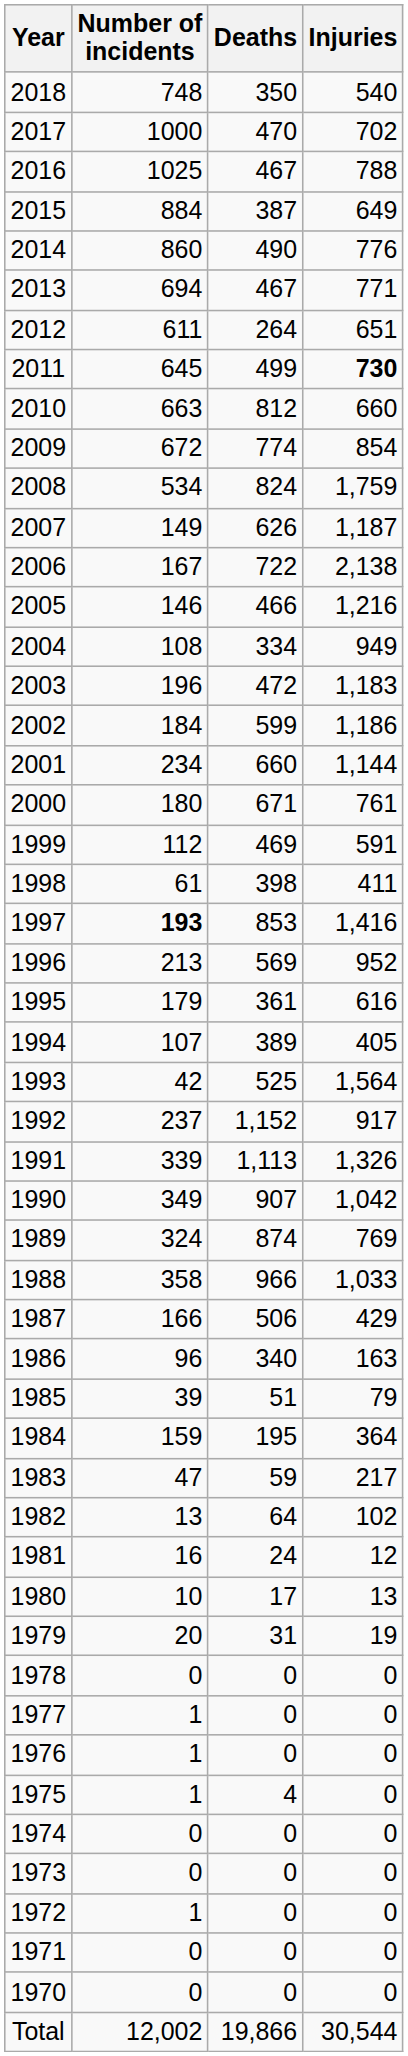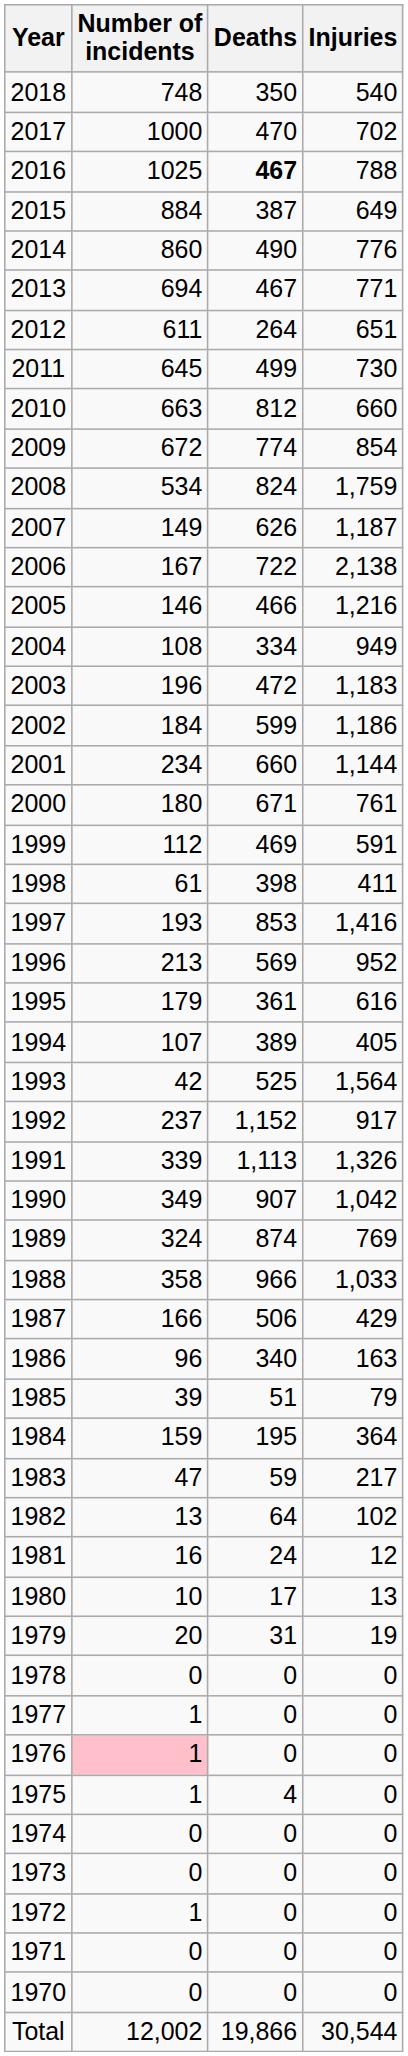 <table class="wikitable sortable collapsible floatleft" style="text-align:right">
 <tr>
 <th>Year</th>
 <th>Number of<br>incidents</th>
 <th>Deaths</th>
 <th>Injuries</th>
 </tr>
 <tr>
 <td align=center>2018</td>
 <td>748</td>
 <td>350</td>
 <td>540</td>
 </tr>
 <tr>
 <td align=center>2017</td>
 <td>1000</td>
 <td>470</td>
 <td>702</td>
 </tr>
 <tr>
 <td align=center>2016</td>
 <td>1025</td>
-<td>467</td>
+<td><strong>467</strong></td>
 <td>788</td>
 </tr>
 <tr>
 <td align=center>2015</td>
 <td>884</td>
 <td>387</td>
 <td>649</td>
 </tr>
 <tr>
 <td align=center>2014</td>
 <td>860</td>
 <td>490</td>
 <td>776</td>
 </tr>
 <tr>
 <td align=center>2013</td>
 <td>694</td>
 <td>467</td>
 <td>771</td>
 </tr>
 <tr>
 <td align=center>2012</td>
 <td>611</td>
 <td>264</td>
 <td>651</td>
 </tr>
 <tr>
 <td align=center>2011</td>
 <td>645</td>
 <td>499</td>
-<td><strong>730</strong></td>
+<td>730</td>
 </tr>
 <tr>
 <td align=center>2010</td>
 <td>663</td>
 <td>812</td>
 <td>660</td>
 </tr>
 <tr>
 <td align=center>2009</td>
 <td>672</td>
 <td>774</td>
 <td>854</td>
 </tr>
 <tr>
 <td align=center>2008</td>
 <td>534</td>
 <td>824</td>
 <td>1,759</td>
 </tr>
 <tr>
 <td align=center>2007</td>
 <td>149</td>
 <td>626</td>
 <td>1,187</td>
 </tr>
 <tr>
 <td align=center>2006</td>
 <td>167</td>
 <td>722</td>
 <td>2,138</td>
 </tr>
 <tr>
 <td align=center>2005</td>
 <td>146</td>
 <td>466</td>
 <td>1,216</td>
 </tr>
 <tr>
 <td align=center>2004</td>
 <td>108</td>
 <td>334</td>
 <td>949</td>
 </tr>
 <tr>
 <td align=center>2003</td>
 <td>196</td>
 <td>472</td>
 <td>1,183</td>
 </tr>
 <tr>
 <td align=center>2002</td>
 <td>184</td>
 <td>599</td>
 <td>1,186</td>
 </tr>
 <tr>
 <td align=center>2001</td>
 <td>234</td>
 <td>660</td>
 <td>1,144</td>
 </tr>
 <tr>
 <td align=center>2000</td>
 <td>180</td>
 <td>671</td>
 <td>761</td>
 </tr>
 <tr>
 <td align=center>1999</td>
 <td>112</td>
 <td>469</td>
 <td>591</td>
 </tr>
 <tr>
 <td align=center>1998</td>
 <td>61</td>
 <td>398</td>
 <td>411</td>
 </tr>
 <tr>
 <td align=center>1997</td>
-<td><strong>193</strong></td>
+<td>193</td>
 <td>853</td>
 <td>1,416</td>
 </tr>
 <tr>
 <td align=center>1996</td>
 <td>213</td>
 <td>569</td>
 <td>952</td>
 </tr>
 <tr>
 <td align=center>1995</td>
 <td>179</td>
 <td>361</td>
 <td>616</td>
 </tr>
 <tr>
 <td align=center>1994</td>
 <td>107</td>
 <td>389</td>
 <td>405</td>
 </tr>
 <tr>
 <td align=center>1993</td>
 <td>42</td>
 <td>525</td>
 <td>1,564</td>
 </tr>
 <tr>
 <td align=center>1992</td>
 <td>237</td>
 <td>1,152</td>
 <td>917</td>
 </tr>
 <tr>
 <td align=center>1991</td>
 <td>339</td>
 <td>1,113</td>
 <td>1,326</td>
 </tr>
 <tr>
 <td align=center>1990</td>
 <td>349</td>
 <td>907</td>
 <td>1,042</td>
 </tr>
 <tr>
 <td align=center>1989</td>
 <td>324</td>
 <td>874</td>
 <td>769</td>
 </tr>
 <tr>
 <td align=center>1988</td>
 <td>358</td>
 <td>966</td>
 <td>1,033</td>
 </tr>
 <tr>
 <td align=center>1987</td>
 <td>166</td>
 <td>506</td>
 <td>429</td>
 </tr>
 <tr>
 <td align=center>1986</td>
 <td>96</td>
 <td>340</td>
 <td>163</td>
 </tr>
 <tr>
 <td align=center>1985</td>
 <td>39</td>
 <td>51</td>
 <td>79</td>
 </tr>
 <tr>
 <td align=center>1984</td>
 <td>159</td>
 <td>195</td>
 <td>364</td>
 </tr>
 <tr>
 <td align=center>1983</td>
 <td>47</td>
 <td>59</td>
 <td>217</td>
 </tr>
 <tr>
 <td align=center>1982</td>
 <td>13</td>
 <td>64</td>
 <td>102</td>
 </tr>
 <tr>
 <td align=center>1981</td>
 <td>16</td>
 <td>24</td>
 <td>12</td>
 </tr>
 <tr>
 <td align=center>1980</td>
 <td>10</td>
 <td>17</td>
 <td>13</td>
 </tr>
 <tr>
 <td align=center>1979</td>
 <td>20</td>
 <td>31</td>
 <td>19</td>
 </tr>
 <tr>
 <td align=center>1978</td>
 <td>0</td>
 <td>0</td>
 <td>0</td>
 </tr>
 <tr>
 <td align=center>1977</td>
 <td>1</td>
 <td>0</td>
 <td>0</td>
 </tr>
 <tr>
 <td align=center>1976</td>
-<td>1</td>
+<td style="background: pink;">1</td>
 <td>0</td>
 <td>0</td>
 </tr>
 <tr>
 <td align=center>1975</td>
 <td>1</td>
 <td>4</td>
 <td>0</td>
 </tr>
 <tr>
 <td align=center>1974</td>
 <td>0</td>
 <td>0</td>
 <td>0</td>
 </tr>
 <tr>
 <td align=center>1973</td>
 <td>0</td>
 <td>0</td>
 <td>0</td>
 </tr>
 <tr>
 <td align=center>1972</td>
 <td>1</td>
 <td>0</td>
 <td>0</td>
 </tr>
 <tr>
 <td align=center>1971</td>
 <td>0</td>
 <td>0</td>
 <td>0</td>
 </tr>
 <tr>
 <td align=center>1970</td>
 <td>0</td>
 <td>0</td>
 <td>0</td>
 </tr>
 <tr>
 <td align=center>Total</td>
 <td>12,002</td>
 <td>19,866</td>
 <td>30,544</td>
 </tr>
 </table>
